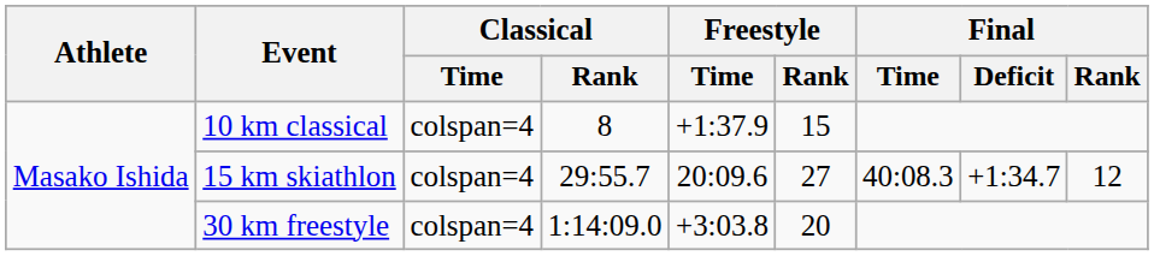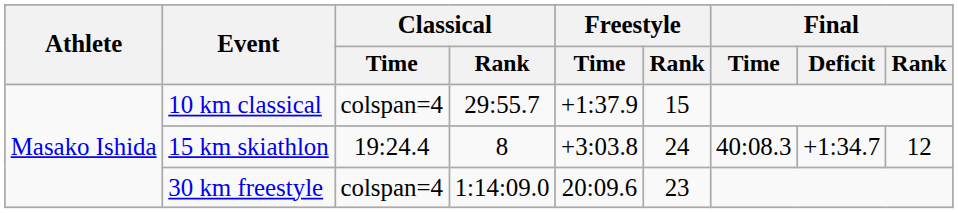 <table class="wikitable" style="font-size:90%">
 <tr>
 <th rowspan=2>Athlete</th>
 <th rowspan=2>Event</th>
 <th colspan=2>Classical</th>
 <th colspan=2>Freestyle</th>
 <th colspan=3>Final</th>
 </tr>
 <tr style="font-size: 95%">
 <th>Time</th>
 <th>Rank</th>
 <th>Time</th>
 <th>Rank</th>
 <th>Time</th>
 <th>Deficit</th>
 <th>Rank</th>
 </tr>
 <tr align=center>
 <td align=left rowspan=3><a href='#'>Masako Ishida</a></td>
 <td align=left><a href='#'>10 km classical</a></td>
 <td>colspan=4 </td>
-<td>8</td>
+<td>29:55.7</td>
 <td>+1:37.9</td>
 <td>15</td>
 </tr>
 <tr align=center>
 <td align=left><a href='#'>15 km skiathlon</a></td>
-<td>colspan=4 </td>
-<td>29:55.7</td>
-<td>20:09.6</td>
-<td>27</td>
+<td>19:24.4</td>
+<td>8</td>
+<td>+3:03.8</td>
+<td>24</td>
 <td>40:08.3</td>
 <td>+1:34.7</td>
 <td>12</td>
 </tr>
 <tr align=center>
 <td align=left><a href='#'>30 km freestyle</a></td>
 <td>colspan=4 </td>
 <td>1:14:09.0</td>
-<td>+3:03.8</td>
-<td>20</td>
+<td>20:09.6</td>
+<td>23</td>
 </tr>
 </table>
